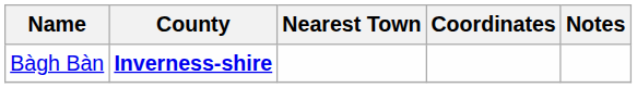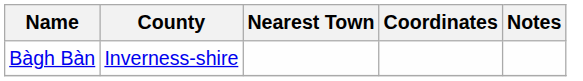 <table class="wikitable sortable" style="table-layout:fixed;background-color:#FEFEFE;font-size:95%;padding:0.30em;line-height:1.35em;">
 <tr>
 <th scope="col">Name</th>
 <th scope="col">County</th>
 <th scope="col">Nearest Town</th>
 <th scope="col" data-sort-type="number">Coordinates</th>
 <th scope="col">Notes</th>
 </tr>
 <tr>
 <td><a href='#'>Bàgh Bàn</a></td>
-<td><strong><a href='#'>Inverness-shire</a></strong></td>
+<td><a href='#'>Inverness-shire</a></td>
 <td></td>
 <td></td>
 <td></td>
 </tr>
 <tr>
 </tr>
 </table>
